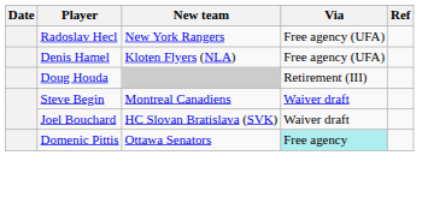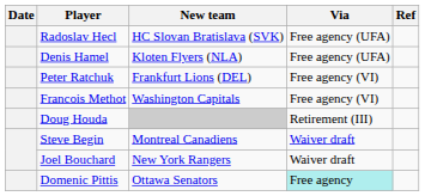 <table class="wikitable plainrowheaders">
 <tr style="background:#ddd; text-align:center;">
 <th>Date</th>
 <th>Player</th>
 <th>New team</th>
 <th>Via</th>
 <th>Ref</th>
 </tr>
 <tr>
 <th scope="row"></th>
 <td><a href='#'>Radoslav Hecl</a></td>
-<td><a href='#'>New York Rangers</a></td>
+<td><a href='#'>HC Slovan Bratislava</a> (<a href='#'>SVK</a>)</td>
 <td>Free agency (UFA)</td>
 <td></td>
 </tr>
 <tr>
 <th scope="row"></th>
 <td><a href='#'>Denis Hamel</a></td>
 <td><a href='#'>Kloten Flyers</a> (<a href='#'>NLA</a>)</td>
 <td>Free agency (UFA)</td>
+<td></td>
+</tr>
+<tr>
+<th scope="row"></th>
+<td><a href='#'>Peter Ratchuk</a></td>
+<td><a href='#'>Frankfurt Lions</a> (<a href='#'>DEL</a>)</td>
+<td>Free agency (VI)</td>
+<td></td>
+</tr>
+<tr>
+<th scope="row"></th>
+<td><a href='#'>Francois Methot</a></td>
+<td><a href='#'>Washington Capitals</a></td>
+<td>Free agency (VI)</td>
 <td></td>
 </tr>
 <tr>
 <th scope="row"></th>
 <td><a href='#'>Doug Houda</a></td>
 <td style="background:#ccc"></td>
 <td>Retirement (III)</td>
 <td></td>
 </tr>
 <tr>
 <th scope="row" rowspan=2></th>
 <td><a href='#'>Steve Begin</a></td>
 <td><a href='#'>Montreal Canadiens</a></td>
 <td><a href='#'>Waiver draft</a></td>
 <td></td>
 </tr>
 <tr>
 <td><a href='#'>Joel Bouchard</a></td>
-<td><a href='#'>HC Slovan Bratislava</a> (<a href='#'>SVK</a>)</td>
+<td><a href='#'>New York Rangers</a></td>
 <td>Waiver draft</td>
 <td></td>
 </tr>
 <tr>
 <th scope="row"></th>
 <td><a href='#'>Domenic Pittis</a></td>
 <td><a href='#'>Ottawa Senators</a></td>
 <td style="background: paleturquoise;">Free agency</td>
 <td></td>
 </tr>
 </table>
